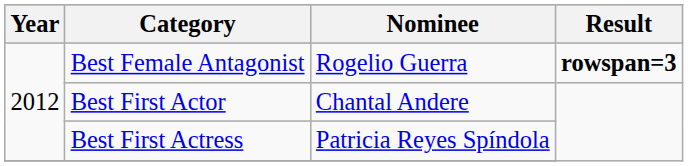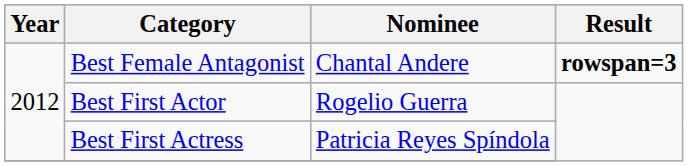 <table class="wikitable">
 <tr style="background:#b0c4de;">
 <th>Year</th>
 <th>Category</th>
 <th>Nominee</th>
 <th>Result</th>
 </tr>
 <tr>
 <td rowspan=3>2012</td>
 <td><a href='#'>Best Female Antagonist</a></td>
-<td><a href='#'>Rogelio Guerra</a></td>
+<td><a href='#'>Chantal Andere</a></td>
 <td><strong>rowspan=3 </strong></td>
 </tr>
 <tr>
 <td><a href='#'>Best First Actor</a></td>
-<td><a href='#'>Chantal Andere</a></td>
+<td><a href='#'>Rogelio Guerra</a></td>
 </tr>
 <tr>
 <td><a href='#'>Best First Actress</a></td>
 <td><a href='#'>Patricia Reyes Spíndola</a></td>
 </tr>
 <tr>
 </tr>
 </table>
